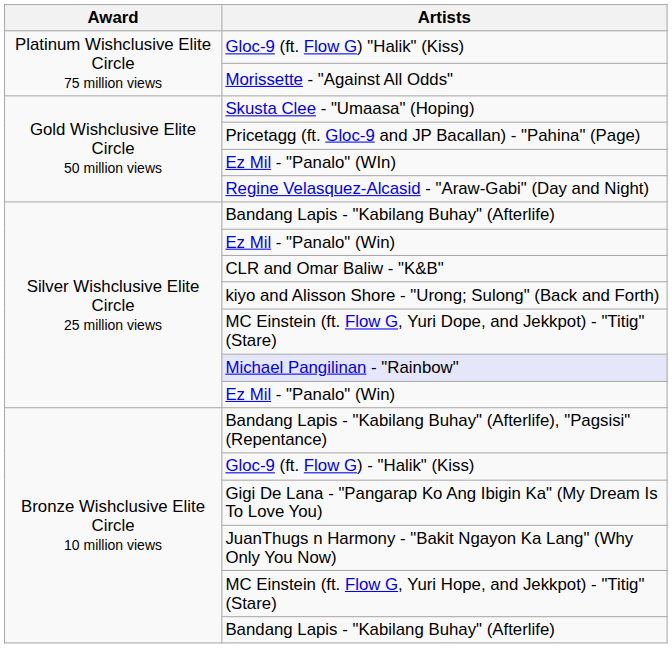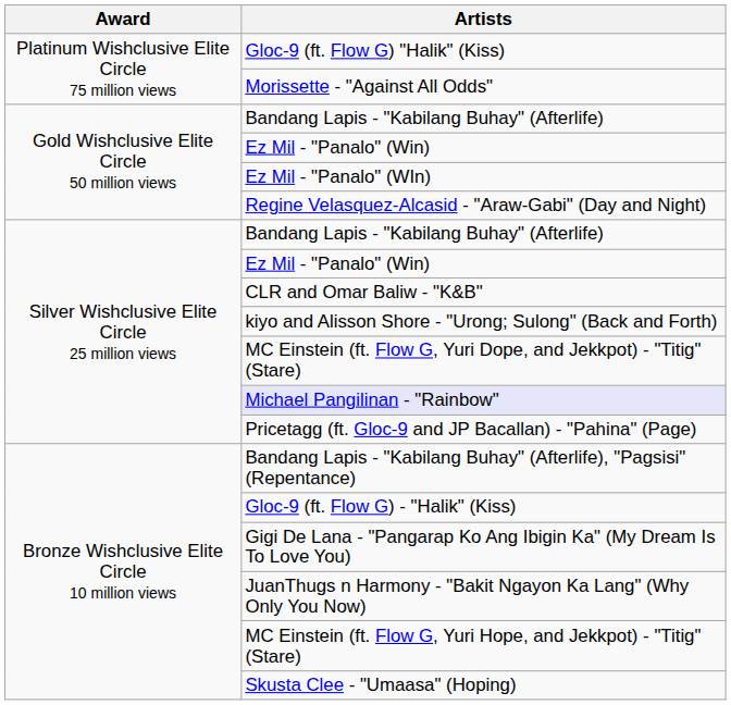 <table class="wikitable"  style="width:50%;">
 <tr>
 <th scope="col">Award</th>
 <th scope="col">Artists</th>
 </tr>
 <tr>
 <td rowspan="2" align="center">Platinum Wishclusive Elite Circle<br><small>75 million views</small></td>
 <td><a href='#'>Gloc-9</a> (ft. <a href='#'>Flow G</a>) "Halik" (Kiss)</td>
 </tr>
 <tr>
 <td><a href='#'>Morissette</a> - "Against All Odds"</td>
 </tr>
 <tr>
 <td rowspan="4" align="center">Gold Wishclusive Elite Circle<br><small>50 million views</small></td>
-<td><a href='#'>Skusta Clee</a> - "Umaasa" (Hoping)</td>
+<td>Bandang Lapis - "Kabilang Buhay" (Afterlife)</td>
 </tr>
 <tr>
-<td>Pricetagg (ft. <a href='#'>Gloc-9</a> and JP Bacallan) - "Pahina" (Page)</td>
+<td><a href='#'>Ez Mil</a> - "Panalo" (Win)</td>
 </tr>
 <tr>
 <td><a href='#'>Ez Mil</a> - "Panalo" (WIn)</td>
 </tr>
 <tr>
 <td><a href='#'>Regine Velasquez-Alcasid</a> - "Araw-Gabi" (Day and Night)</td>
 </tr>
 <tr>
 <td rowspan="7" align="center">Silver Wishclusive Elite Circle<br><small>25 million views</small></td>
 <td>Bandang Lapis - "Kabilang Buhay" (Afterlife)</td>
 </tr>
 <tr>
 <td><a href='#'>Ez Mil</a> - "Panalo" (Win)</td>
 </tr>
 <tr>
 <td>CLR and Omar Baliw - "K&B"</td>
 </tr>
 <tr>
 <td>kiyo and Alisson Shore - "Urong; Sulong" (Back and Forth)</td>
 </tr>
 <tr>
 <td>MC Einstein (ft. <a href='#'>Flow G</a>, Yuri Dope, and Jekkpot) - "Titig" (Stare)</td>
 </tr>
 <tr>
 <td style="background: lavender;"><a href='#'>Michael Pangilinan</a> - "Rainbow"</td>
 </tr>
 <tr>
-<td><a href='#'>Ez Mil</a> - "Panalo" (Win)</td>
+<td>Pricetagg (ft. <a href='#'>Gloc-9</a> and JP Bacallan) - "Pahina" (Page)</td>
 </tr>
 <tr>
 <td rowspan="6" align="center">Bronze Wishclusive Elite Circle <br><small>10 million views</small></td>
 <td>Bandang Lapis - "Kabilang Buhay" (Afterlife), "Pagsisi" (Repentance)</td>
 </tr>
 <tr>
 <td><a href='#'>Gloc-9</a> (ft. <a href='#'>Flow G</a>) - "Halik" (Kiss)</td>
 </tr>
 <tr>
 <td>Gigi De Lana - "Pangarap Ko Ang Ibigin Ka" (My Dream Is To Love You)</td>
 </tr>
 <tr>
 <td>JuanThugs n Harmony - "Bakit Ngayon Ka Lang" (Why Only You Now)</td>
 </tr>
 <tr>
 <td>MC Einstein (ft. <a href='#'>Flow G</a>, Yuri Hope, and Jekkpot) - "Titig" (Stare)</td>
 </tr>
 <tr>
-<td>Bandang Lapis - "Kabilang Buhay" (Afterlife)</td>
+<td><a href='#'>Skusta Clee</a> - "Umaasa" (Hoping)</td>
 </tr>
 </table>
